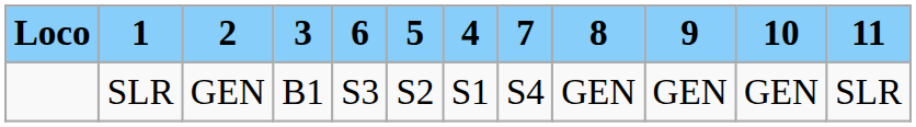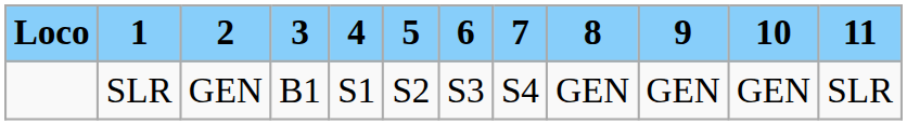 <table class="wikitable plainrowheaders unsortable" style="text-align:center">
 <tr>
 <th scope="col" rowspan="1" style="background:lightskyblue;">Loco</th>
 <th scope="col" rowspan="1" style="background:lightskyblue;">1</th>
 <th scope="col" rowspan="1" style="background:lightskyblue;">2</th>
 <th scope="col" rowspan="1" style="background:lightskyblue;">3</th>
+<th scope="col" rowspan="1" style="background:lightskyblue;">4</th>
+<th scope="col" rowspan="1" style="background:lightskyblue;">5</th>
 <th scope="col" rowspan="1" style="background:lightskyblue;">6</th>
-<th scope="col" rowspan="1" style="background:lightskyblue;">5</th>
-<th scope="col" rowspan="1" style="background:lightskyblue;">4</th>
 <th scope="col" rowspan="1" style="background:lightskyblue;">7</th>
 <th scope="col" rowspan="1" style="background:lightskyblue;">8</th>
 <th scope="col" rowspan="1" style="background:lightskyblue;">9</th>
 <th scope="col" rowspan="1" style="background:lightskyblue;">10</th>
 <th scope="col" rowspan="1" style="background:lightskyblue;">11</th>
 </tr>
 <tr>
 <td></td>
 <td>SLR</td>
 <td>GEN</td>
 <td>B1</td>
+<td>S1</td>
+<td>S2</td>
 <td>S3</td>
-<td>S2</td>
-<td>S1</td>
 <td>S4</td>
 <td>GEN</td>
 <td>GEN</td>
 <td>GEN</td>
 <td>SLR</td>
 </tr>
 </table>
